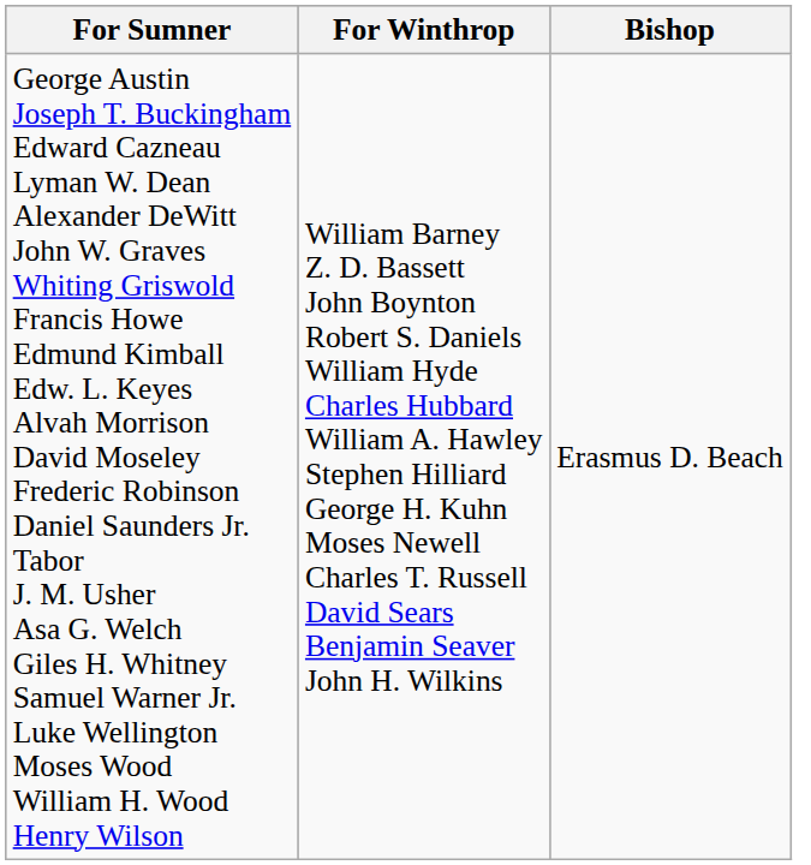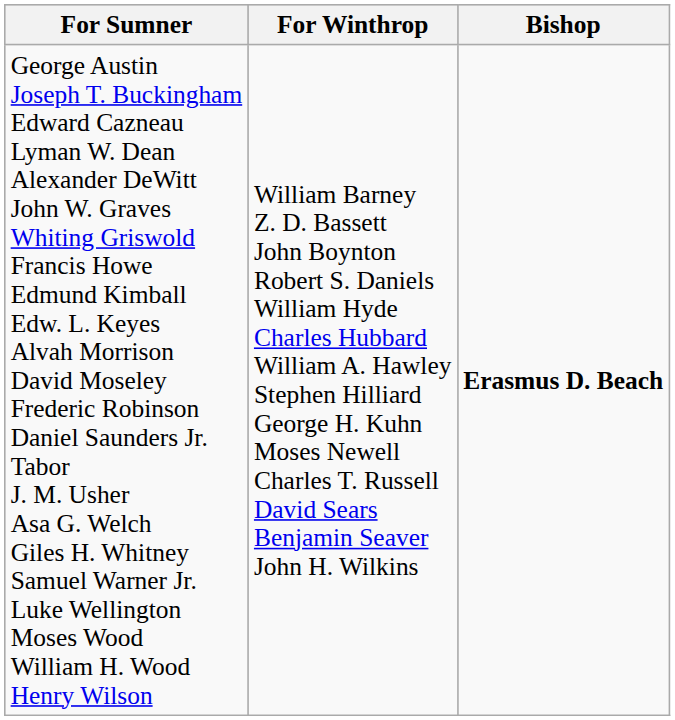 <table class="wikitable">
 <tr>
 <th>For Sumner</th>
 <th>For Winthrop</th>
 <th>Bishop</th>
 </tr>
 <tr>
 <td>George Austin<br><a href='#'>Joseph T. Buckingham</a><br>Edward Cazneau<br>Lyman W. Dean<br>Alexander DeWitt<br>John W. Graves<br><a href='#'>Whiting Griswold</a><br>Francis Howe<br>Edmund Kimball<br>Edw. L. Keyes<br>Alvah Morrison<br>David Moseley<br>Frederic Robinson<br>Daniel Saunders Jr.<br>Tabor<br>J. M. Usher<br>Asa G. Welch<br>Giles H. Whitney<br>Samuel Warner Jr.<br>Luke Wellington<br>Moses Wood<br>William H. Wood<br><a href='#'>Henry Wilson</a></td>
 <td>William Barney<br>Z. D. Bassett<br>John Boynton<br>Robert S. Daniels<br>William Hyde<br><a href='#'>Charles Hubbard</a><br>William A. Hawley<br>Stephen Hilliard<br>George H. Kuhn<br>Moses Newell<br>Charles T. Russell<br><a href='#'>David Sears</a><br><a href='#'>Benjamin Seaver</a><br>John H. Wilkins</td>
-<td>Erasmus D. Beach</td>
+<td><strong>Erasmus D. Beach</strong></td>
 </tr>
 <tr>
 </tr>
 </table>
